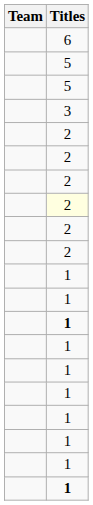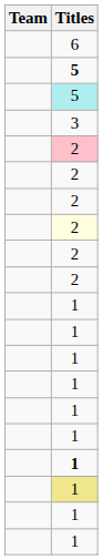 <table class="wikitable sortable" style="text-align:center">
 <tr>
 <th>Team</th>
 <th>Titles</th>
 </tr>
 <tr>
 <td style=><strong></strong></td>
 <td>6</td>
 </tr>
 <tr>
 <td style=><strong></strong></td>
-<td>5</td>
+<td><strong>5</strong></td>
 </tr>
 <tr>
 <td style=><strong></strong></td>
-<td>5</td>
+<td style="background: paleturquoise;">5</td>
 </tr>
 <tr>
 <td style=><strong></strong></td>
 <td>3</td>
 </tr>
 <tr>
 <td style=><strong></strong></td>
-<td>2</td>
+<td style="background: pink;">2</td>
 </tr>
 <tr>
 <td style=><strong></strong></td>
 <td>2</td>
 </tr>
 <tr>
 <td style=><strong></strong></td>
 <td>2</td>
 </tr>
 <tr>
 <td style=><strong></strong></td>
 <td style="background: lightyellow;">2</td>
 </tr>
 <tr>
 <td style=><strong></strong></td>
 <td>2</td>
 </tr>
 <tr>
 <td style=><strong></strong></td>
 <td>2</td>
 </tr>
 <tr>
 <td style=><strong></strong></td>
 <td>1</td>
 </tr>
 <tr>
 <td style=><strong></strong></td>
 <td>1</td>
 </tr>
 <tr>
 <td style=><strong></strong></td>
-<td><strong>1</strong></td>
-</tr>
-<tr>
-<td style=><strong></strong></td>
-<td>1</td>
-</tr>
-<tr>
-<td style=><strong></strong></td>
-<td>1</td>
-</tr>
-<tr>
-<td style=><strong></strong></td>
 <td>1</td>
 </tr>
 <tr>
 <td style=><strong></strong></td>
 <td>1</td>
 </tr>
 <tr>
 <td style=><strong></strong></td>
 <td>1</td>
 </tr>
 <tr>
 <td style=><strong></strong></td>
 <td>1</td>
 </tr>
 <tr>
 <td style=><strong></strong></td>
 <td><strong>1</strong></td>
 </tr>
+<tr>
+<td style=><strong></strong></td>
+<td style="background: khaki;">1</td>
+</tr>
+<tr>
+<td style=><strong></strong></td>
+<td>1</td>
+</tr>
+<tr>
+<td style=><strong></strong></td>
+<td>1</td>
+</tr>
 </table>
